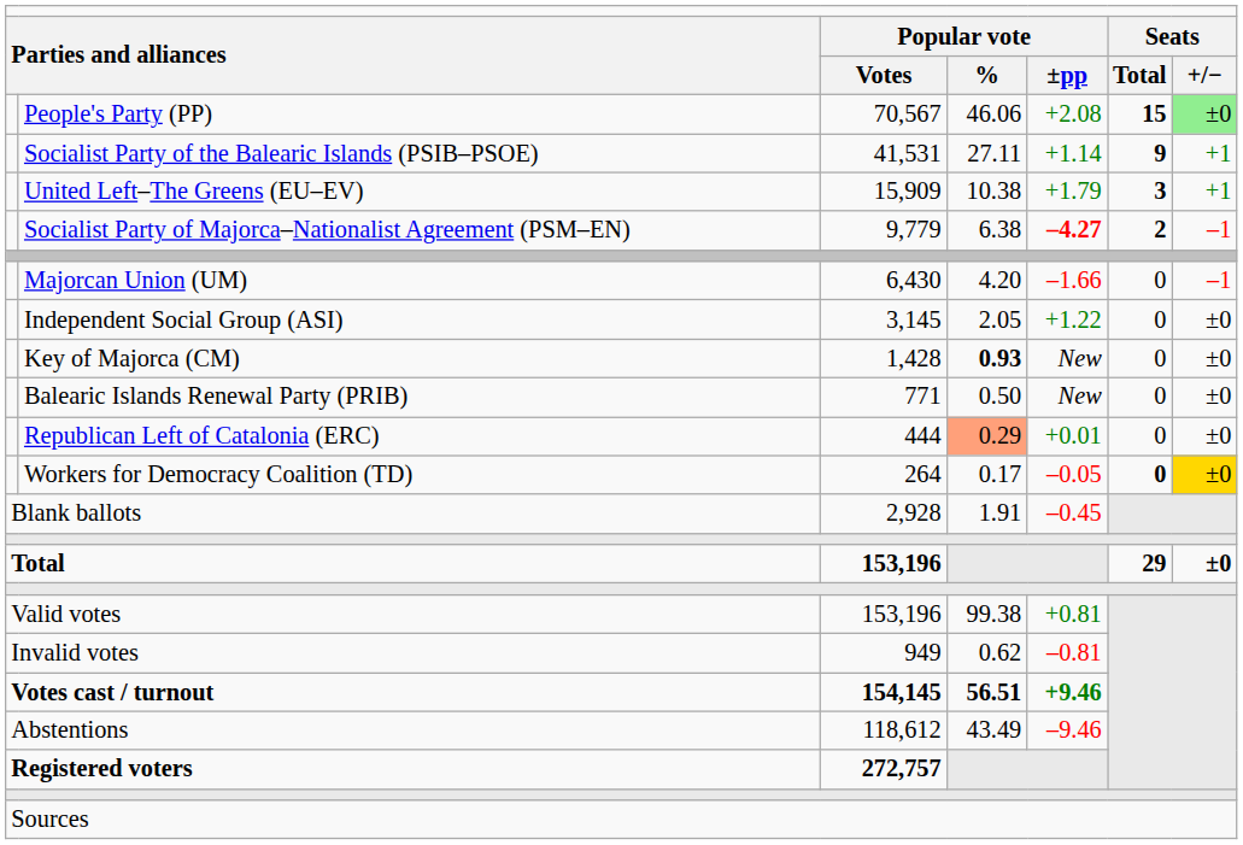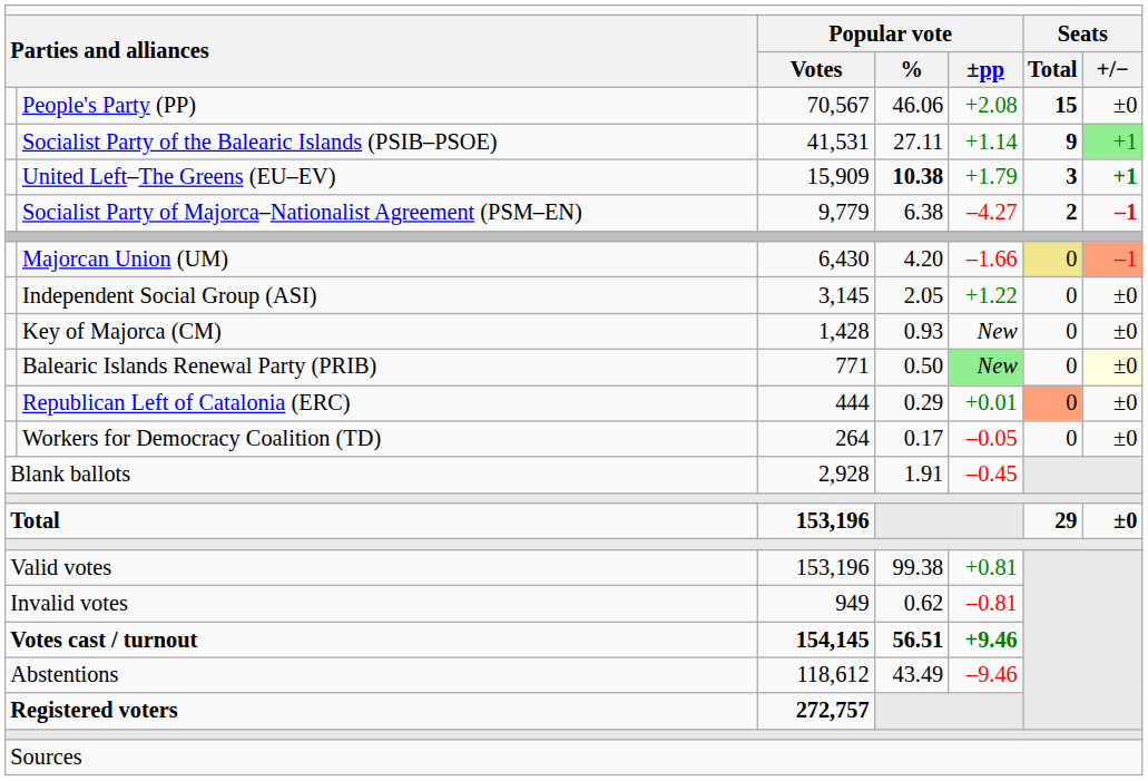 <table class="wikitable" style="text-align:right;">
 <tr>
 <td colspan="7"></td>
 </tr>
 <tr>
 <th style="text-align:left;" rowspan="2" colspan="2" width="525">Parties and alliances</th>
 <th colspan="3">Popular vote</th>
 <th colspan="2">Seats</th>
 </tr>
 <tr>
 <th width="75">Votes</th>
 <th width="45">%</th>
 <th width="45">±<a href='#'>pp</a></th>
 <th width="35">Total</th>
 <th width="35">+/−</th>
 </tr>
 <tr>
 <td width="1" style="color:inherit;background:"></td>
 <td align="left"><a href='#'>People's Party</a> (PP)</td>
 <td>70,567</td>
 <td>46.06</td>
 <td style="color:green;">+2.08</td>
 <td><strong>15</strong></td>
-<td style="background: lightgreen;">±0</td>
+<td>±0</td>
 </tr>
 <tr>
 <td style="color:inherit;background:"></td>
 <td align="left"><a href='#'>Socialist Party of the Balearic Islands</a> (PSIB–PSOE)</td>
 <td>41,531</td>
 <td>27.11</td>
 <td style="color:green;">+1.14</td>
 <td><strong>9</strong></td>
-<td style="color:green;">+1</td>
+<td style="background: lightgreen; color:green;">+1</td>
 </tr>
 <tr>
 <td style="color:inherit;background:"></td>
 <td align="left"><a href='#'>United Left</a>–<a href='#'>The Greens</a> (EU–EV)</td>
 <td>15,909</td>
-<td>10.38</td>
+<td><strong>10.38</strong></td>
 <td style="color:green;">+1.79</td>
 <td><strong>3</strong></td>
-<td style="color:green;">+1</td>
+<td style="color:green;"><strong>+1</strong></td>
 </tr>
 <tr>
 <td style="color:inherit;background:"></td>
 <td align="left"><a href='#'>Socialist Party of Majorca</a>–<a href='#'>Nationalist Agreement</a> (PSM–EN)</td>
 <td>9,779</td>
 <td>6.38</td>
-<td style="color:red;"><strong>–4.27</strong></td>
+<td style="color:red;">–4.27</td>
 <td><strong>2</strong></td>
-<td style="color:red;">–1</td>
+<td style="color:red;"><strong>–1</strong></td>
 </tr>
 <tr>
 <td colspan="7" bgcolor="#C0C0C0"></td>
 </tr>
 <tr>
 <td style="color:inherit;background:"></td>
 <td align="left"><a href='#'>Majorcan Union</a> (UM)</td>
 <td>6,430</td>
 <td>4.20</td>
 <td style="color:red;">–1.66</td>
-<td>0</td>
-<td style="color:red;">–1</td>
+<td style="background: khaki;">0</td>
+<td style="background: lightsalmon; color:red;">–1</td>
 </tr>
 <tr>
 <td style="color:inherit;background:"></td>
 <td align="left">Independent Social Group (ASI)</td>
 <td>3,145</td>
 <td>2.05</td>
 <td style="color:green;">+1.22</td>
 <td>0</td>
 <td>±0</td>
 </tr>
 <tr>
 <td style="color:inherit;background:"></td>
 <td align="left">Key of Majorca (CM)</td>
 <td>1,428</td>
-<td><strong>0.93</strong></td>
+<td>0.93</td>
 <td><em>New</em></td>
 <td>0</td>
 <td>±0</td>
 </tr>
 <tr>
 <td style="color:inherit;background:"></td>
 <td align="left">Balearic Islands Renewal Party (PRIB)</td>
 <td>771</td>
 <td>0.50</td>
-<td><em>New</em></td>
+<td style="background: lightgreen;"><em>New</em></td>
 <td>0</td>
-<td>±0</td>
+<td style="background: lightyellow;">±0</td>
 </tr>
 <tr>
 <td style="color:inherit;background:"></td>
 <td align="left"><a href='#'>Republican Left of Catalonia</a> (ERC)</td>
 <td>444</td>
-<td style="background: lightsalmon;">0.29</td>
+<td>0.29</td>
 <td style="color:green;">+0.01</td>
-<td>0</td>
+<td style="background: lightsalmon;">0</td>
 <td>±0</td>
 </tr>
 <tr>
 <td style="color:inherit;background:"></td>
 <td align="left">Workers for Democracy Coalition (TD)</td>
 <td>264</td>
 <td>0.17</td>
 <td style="color:red;">–0.05</td>
-<td><strong>0</strong></td>
-<td style="background: gold;">±0</td>
+<td>0</td>
+<td>±0</td>
 </tr>
 <tr>
 <td align="left" colspan="2">Blank ballots</td>
 <td>2,928</td>
 <td>1.91</td>
 <td style="color:red;">–0.45</td>
 <td bgcolor="#E9E9E9" colspan="2"></td>
 </tr>
 <tr>
 <td colspan="7" bgcolor="#E9E9E9"></td>
 </tr>
 <tr style="font-weight:bold;">
 <td align="left" colspan="2">Total</td>
 <td>153,196</td>
 <td bgcolor="#E9E9E9" colspan="2"></td>
 <td>29</td>
 <td>±0</td>
 </tr>
 <tr>
 <td colspan="7" bgcolor="#E9E9E9"></td>
 </tr>
 <tr>
 <td align="left" colspan="2">Valid votes</td>
 <td>153,196</td>
 <td>99.38</td>
 <td style="color:green;">+0.81</td>
 <td bgcolor="#E9E9E9" colspan="2" rowspan="5"></td>
 </tr>
 <tr>
 <td align="left" colspan="2">Invalid votes</td>
 <td>949</td>
 <td>0.62</td>
 <td style="color:red;">–0.81</td>
 </tr>
 <tr style="font-weight:bold;">
 <td align="left" colspan="2">Votes cast / turnout</td>
 <td>154,145</td>
 <td>56.51</td>
 <td style="color:green;">+9.46</td>
 </tr>
 <tr>
 <td align="left" colspan="2">Abstentions</td>
 <td>118,612</td>
 <td>43.49</td>
 <td style="color:red;">–9.46</td>
 </tr>
 <tr style="font-weight:bold;">
 <td align="left" colspan="2">Registered voters</td>
 <td>272,757</td>
 <td bgcolor="#E9E9E9" colspan="2"></td>
 </tr>
 <tr>
 <td colspan="7" bgcolor="#E9E9E9"></td>
 </tr>
 <tr>
 <td align="left" colspan="7">Sources</td>
 </tr>
 </table>
